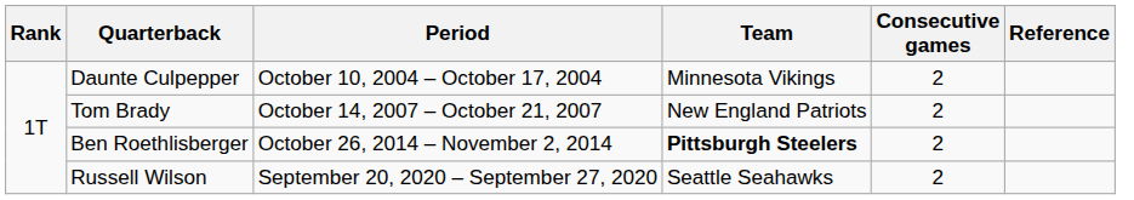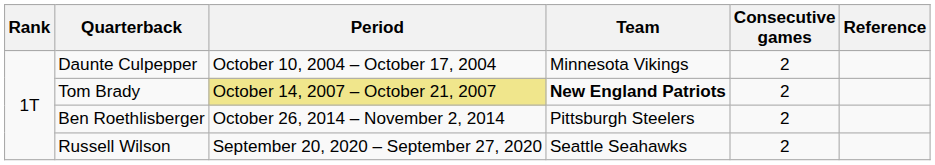 <table class="wikitable">
 <tr>
 <th>Rank</th>
 <th>Quarterback</th>
 <th>Period</th>
 <th>Team</th>
 <th>Consecutive<br>games</th>
 <th>Reference</th>
 </tr>
 <tr>
 <td style="text-align:center;" rowspan="4">1T</td>
 <td>Daunte Culpepper</td>
 <td>October 10, 2004 – October 17, 2004</td>
 <td>Minnesota Vikings</td>
 <td style="text-align:center;">2</td>
 <td style="text-align:center;"></td>
 </tr>
 <tr>
 <td>Tom Brady</td>
-<td>October 14, 2007 – October 21, 2007</td>
-<td>New England Patriots</td>
+<td style="background: khaki;">October 14, 2007 – October 21, 2007</td>
+<td><strong>New England Patriots</strong></td>
 <td style="text-align:center;">2</td>
 <td style="text-align:center;"></td>
 </tr>
 <tr>
 <td>Ben Roethlisberger</td>
 <td>October 26, 2014 – November 2, 2014</td>
-<td><strong>Pittsburgh Steelers</strong></td>
+<td>Pittsburgh Steelers</td>
 <td style="text-align:center;">2</td>
 <td style="text-align:center;"></td>
 </tr>
 <tr>
 <td>Russell Wilson</td>
 <td>September 20, 2020 – September 27, 2020</td>
 <td>Seattle Seahawks</td>
 <td style="text-align:center;">2</td>
 <td style="text-align:center;"></td>
 </tr>
 </table>
